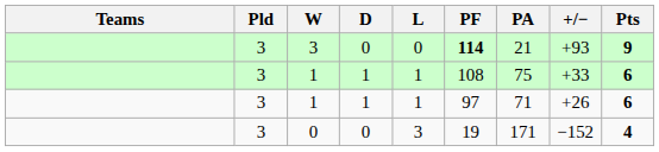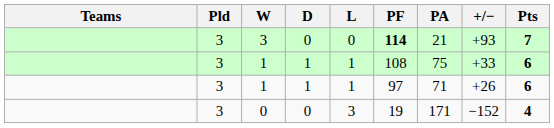 <table class="wikitable" style="text-align: center;">
 <tr>
 <th width="200">Teams</th>
 <th width="40">Pld</th>
 <th width="40">W</th>
 <th width="40">D</th>
 <th width="40">L</th>
 <th width="40">PF</th>
 <th width="40">PA</th>
 <th width="40">+/−</th>
 <th width="40">Pts</th>
 </tr>
 <tr bgcolor=ccffcc>
 <td align=left></td>
 <td>3</td>
 <td>3</td>
 <td>0</td>
 <td>0</td>
 <td><strong>114</strong></td>
 <td>21</td>
 <td>+93</td>
-<td><strong>9</strong></td>
+<td><strong>7</strong></td>
 </tr>
 <tr bgcolor=ccffcc>
 <td align=left></td>
 <td>3</td>
 <td>1</td>
 <td>1</td>
 <td>1</td>
 <td>108</td>
 <td>75</td>
 <td>+33</td>
 <td><strong>6</strong></td>
 </tr>
 <tr>
 <td align=left></td>
 <td>3</td>
 <td>1</td>
 <td>1</td>
 <td>1</td>
 <td>97</td>
 <td>71</td>
 <td>+26</td>
 <td><strong>6</strong></td>
 </tr>
 <tr>
 <td align=left></td>
 <td>3</td>
 <td>0</td>
 <td>0</td>
 <td>3</td>
 <td>19</td>
 <td>171</td>
 <td>−152</td>
 <td><strong>4</strong></td>
 </tr>
 </table>
